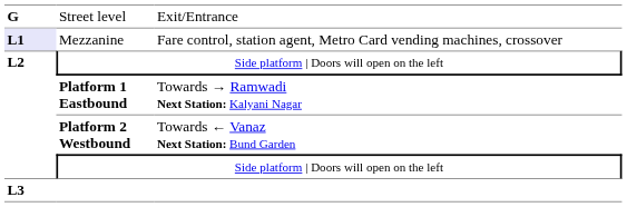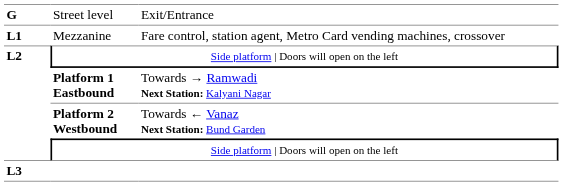 <table table border=0 cellspacing=0 cellpadding=3>
 <tr>
 <td style="border-bottom:solid 1px grey;border-top:solid 1px grey;" width=50 valign=top><strong>G</strong></td>
 <td style="border-top:solid 1px grey;border-bottom:solid 1px grey;" width=100 valign=top>Street level</td>
 <td style="border-top:solid 1px grey;border-bottom:solid 1px grey;" width=500 valign=top>Exit/Entrance</td>
 </tr>
 <tr>
-<td valign=top style="background: lavender;"><strong>L1</strong></td>
+<td valign=top><strong>L1</strong></td>
 <td valign=top>Mezzanine</td>
 <td valign=top>Fare control, station agent, Metro Card vending machines, crossover<br></td>
 </tr>
 <tr>
 <td style="border-top:solid 1px grey;border-bottom:solid 1px grey;" width=50 rowspan=4 valign=top><strong>L2</strong></td>
 <td style="border-top:solid 1px grey;border-right:solid 2px black;border-left:solid 2px black;border-bottom:solid 2px black;text-align:center;" colspan=2><small><a href='#'>Side platform</a> | Doors will open on the left </small></td>
 </tr>
 <tr>
 <td style="border-bottom:solid 1px grey;" width=100><span><strong>Platform 1</strong><br><strong>Eastbound</strong></span></td>
 <td style="border-bottom:solid 1px grey;" width=500>Towards → <a href='#'>Ramwadi</a><br><small><strong>Next Station:</strong> <a href='#'>Kalyani Nagar</a></small></td>
 </tr>
 <tr>
 <td><span><strong>Platform 2</strong><br><strong>Westbound</strong></span></td>
 <td>Towards ← <a href='#'>Vanaz</a><br><small><strong>Next Station:</strong> <a href='#'>Bund Garden</a></small></td>
 </tr>
 <tr>
 <td style="border-top:solid 2px black;border-right:solid 2px black;border-left:solid 2px black;border-bottom:solid 1px grey;" colspan=2  align=center><small><a href='#'>Side platform</a> | Doors will open on the left </small></td>
 </tr>
 <tr>
 <td style="border-bottom:solid 1px grey;" width=50 rowspan=2 valign=top><strong>L3</strong></td>
 <td style="border-bottom:solid 1px grey;" width=100></td>
 <td style="border-bottom:solid 1px grey;" width=500></td>
 </tr>
 <tr>
 </tr>
 </table>
